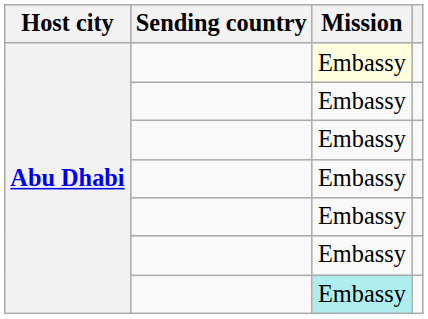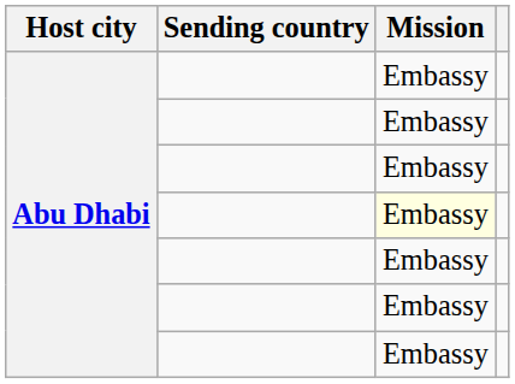 <table class="wikitable plainrowheaders">
 <tr>
 <th scope="col">Host city</th>
 <th scope="col">Sending country</th>
 <th scope="col">Mission</th>
 <th scope="col"></th>
 </tr>
 <tr>
 <th rowspan="7"><a href='#'>Abu Dhabi</a></th>
+<td></td>
+<td style="text-align:center;">Embassy</td>
+<td style="text-align:center;"></td>
+</tr>
+<tr>
+<td></td>
+<td style="text-align:center;">Embassy</td>
+<td style="text-align:center;"></td>
+</tr>
+<tr>
+<td></td>
+<td style="text-align:center;">Embassy</td>
+<td style="text-align:center;"></td>
+</tr>
+<tr>
 <td></td>
 <td style="background: lightyellow; text-align:center;">Embassy</td>
 <td style="text-align:center;"></td>
 </tr>
 <tr>
 <td></td>
 <td style="text-align:center;">Embassy</td>
 <td style="text-align:center;"></td>
 </tr>
 <tr>
 <td></td>
 <td style="text-align:center;">Embassy</td>
 <td style="text-align:center;"></td>
 </tr>
 <tr>
 <td></td>
 <td style="text-align:center;">Embassy</td>
 <td style="text-align:center;"></td>
 </tr>
-<tr>
-<td></td>
-<td style="text-align:center;">Embassy</td>
-<td style="text-align:center;"></td>
-</tr>
-<tr>
-<td></td>
-<td style="text-align:center;">Embassy</td>
-<td style="text-align:center;"></td>
-</tr>
-<tr>
-<td></td>
-<td style="background: paleturquoise; text-align:center;">Embassy</td>
-<td style="text-align:center;"></td>
-</tr>
 </table>
